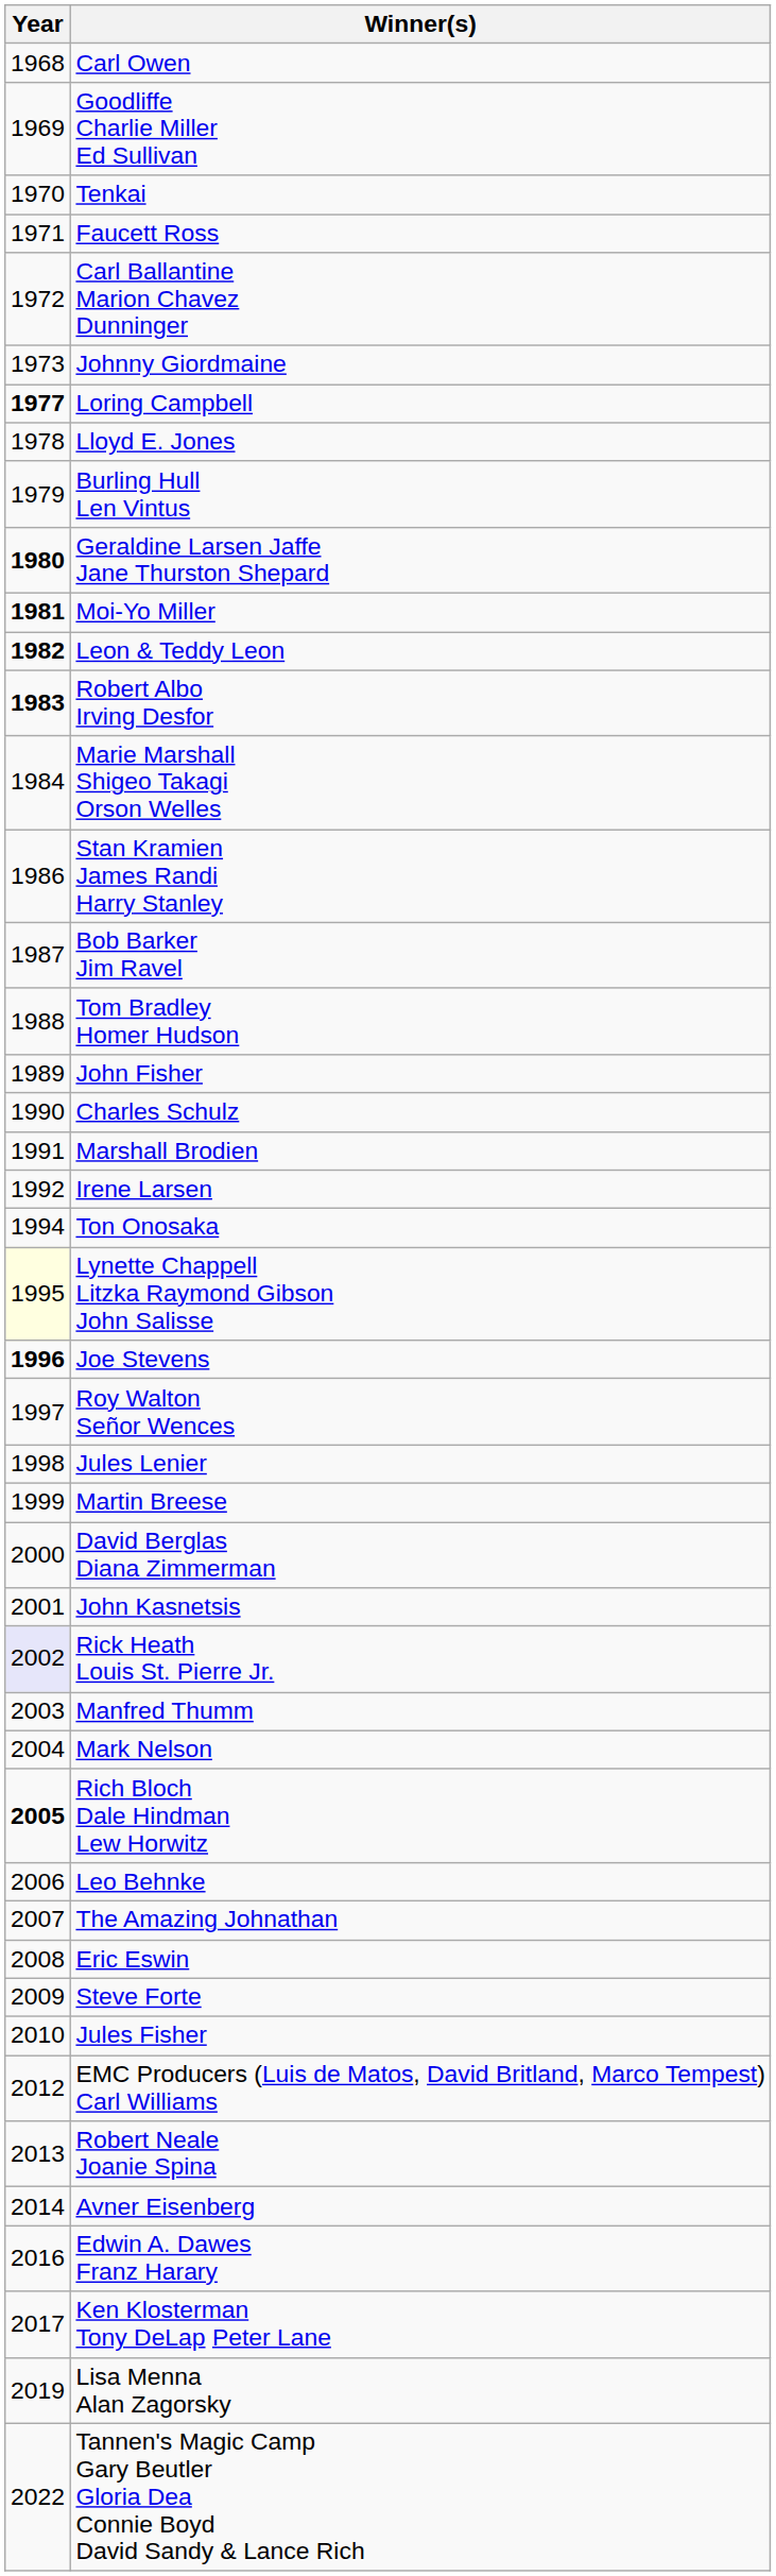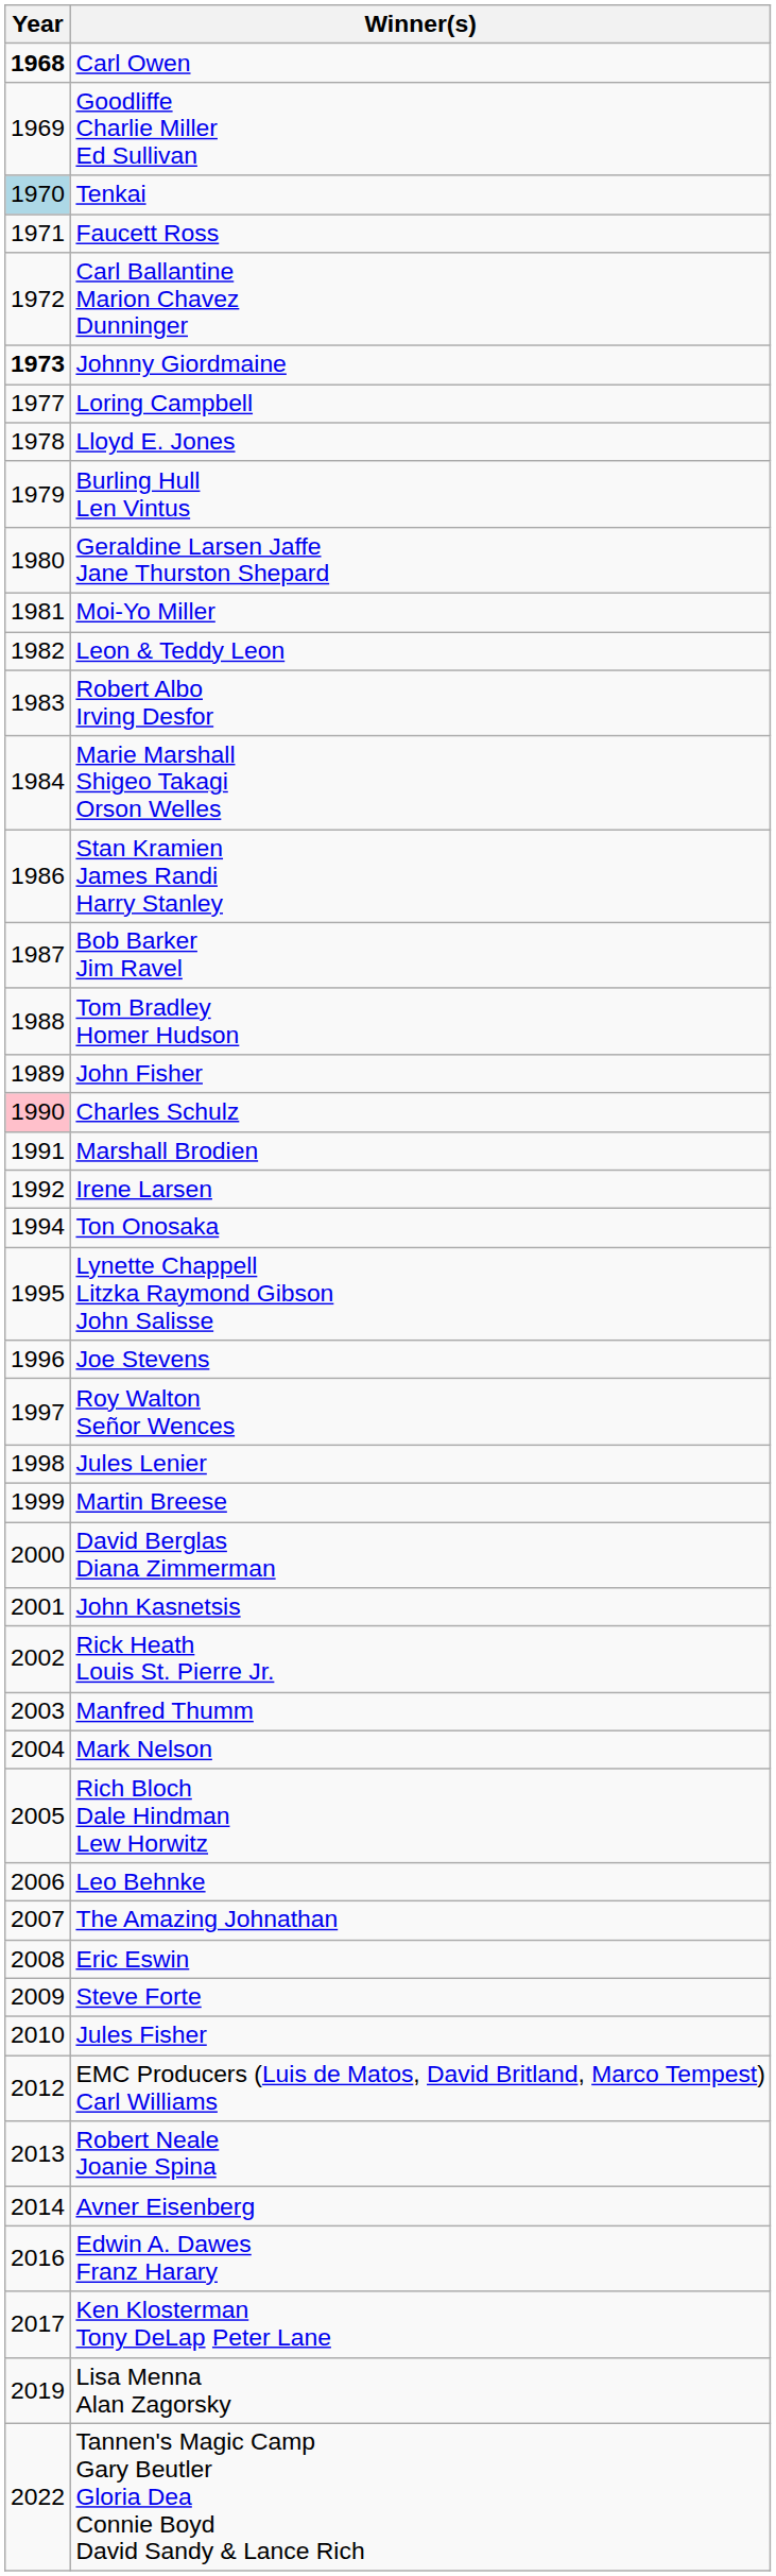 <table class="wikitable sortable">
 <tr>
 <th>Year</th>
 <th>Winner(s)</th>
 </tr>
 <tr>
-<td>1968</td>
+<td><strong>1968</strong></td>
 <td><a href='#'>Carl Owen</a></td>
 </tr>
 <tr>
 <td>1969</td>
 <td><a href='#'>Goodliffe</a><br><a href='#'>Charlie Miller</a><br><a href='#'>Ed Sullivan</a></td>
 </tr>
 <tr>
-<td>1970</td>
+<td style="background: lightblue;">1970</td>
 <td><a href='#'>Tenkai</a></td>
 </tr>
 <tr>
 <td>1971</td>
 <td><a href='#'>Faucett Ross</a></td>
 </tr>
 <tr>
 <td>1972</td>
 <td><a href='#'>Carl Ballantine</a><br><a href='#'>Marion Chavez</a><br><a href='#'>Dunninger</a></td>
 </tr>
 <tr>
-<td>1973</td>
+<td><strong>1973</strong></td>
 <td><a href='#'>Johnny Giordmaine</a></td>
 </tr>
 <tr>
-<td><strong>1977</strong></td>
+<td>1977</td>
 <td><a href='#'>Loring Campbell</a></td>
 </tr>
 <tr>
 <td>1978</td>
 <td><a href='#'>Lloyd E. Jones</a></td>
 </tr>
 <tr>
 <td>1979</td>
 <td><a href='#'>Burling Hull</a><br><a href='#'>Len Vintus</a></td>
 </tr>
 <tr>
-<td><strong>1980</strong></td>
+<td>1980</td>
 <td><a href='#'>Geraldine Larsen Jaffe</a><br><a href='#'>Jane Thurston Shepard</a></td>
 </tr>
 <tr>
-<td><strong>1981</strong></td>
+<td>1981</td>
 <td><a href='#'>Moi-Yo Miller</a></td>
 </tr>
 <tr>
-<td><strong>1982</strong></td>
+<td>1982</td>
 <td><a href='#'>Leon & Teddy Leon</a></td>
 </tr>
 <tr>
-<td><strong>1983</strong></td>
+<td>1983</td>
 <td><a href='#'>Robert Albo</a><br><a href='#'>Irving Desfor</a></td>
 </tr>
 <tr>
 <td>1984</td>
 <td><a href='#'>Marie Marshall</a><br><a href='#'>Shigeo Takagi</a><br><a href='#'>Orson Welles</a></td>
 </tr>
 <tr>
 <td>1986</td>
 <td><a href='#'>Stan Kramien</a><br><a href='#'>James Randi</a><br><a href='#'>Harry Stanley</a></td>
 </tr>
 <tr>
 <td>1987</td>
 <td><a href='#'>Bob Barker</a><br><a href='#'>Jim Ravel</a></td>
 </tr>
 <tr>
 <td>1988</td>
 <td><a href='#'>Tom Bradley</a><br><a href='#'>Homer Hudson</a></td>
 </tr>
 <tr>
 <td>1989</td>
 <td><a href='#'>John Fisher</a></td>
 </tr>
 <tr>
-<td>1990</td>
+<td style="background: pink;">1990</td>
 <td><a href='#'>Charles Schulz</a></td>
 </tr>
 <tr>
 <td>1991</td>
 <td><a href='#'>Marshall Brodien</a></td>
 </tr>
 <tr>
 <td>1992</td>
 <td><a href='#'>Irene Larsen</a></td>
 </tr>
 <tr>
 <td>1994</td>
 <td><a href='#'>Ton Onosaka</a></td>
 </tr>
 <tr>
-<td style="background: lightyellow;">1995</td>
+<td>1995</td>
 <td><a href='#'>Lynette Chappell</a><br><a href='#'>Litzka Raymond Gibson</a><br><a href='#'>John Salisse</a></td>
 </tr>
 <tr>
-<td><strong>1996</strong></td>
+<td>1996</td>
 <td><a href='#'>Joe Stevens</a></td>
 </tr>
 <tr>
 <td>1997</td>
 <td><a href='#'>Roy Walton</a><br><a href='#'>Señor Wences</a></td>
 </tr>
 <tr>
 <td>1998</td>
 <td><a href='#'>Jules Lenier</a></td>
 </tr>
 <tr>
 <td>1999</td>
 <td><a href='#'>Martin Breese</a></td>
 </tr>
 <tr>
 <td>2000</td>
 <td><a href='#'>David Berglas</a><br><a href='#'>Diana Zimmerman</a></td>
 </tr>
 <tr>
 <td>2001</td>
 <td><a href='#'>John Kasnetsis</a></td>
 </tr>
 <tr>
-<td style="background: lavender;">2002</td>
+<td>2002</td>
 <td><a href='#'>Rick Heath</a><br><a href='#'>Louis St. Pierre Jr.</a></td>
 </tr>
 <tr>
 <td>2003</td>
 <td><a href='#'>Manfred Thumm</a></td>
 </tr>
 <tr>
 <td>2004</td>
 <td><a href='#'>Mark Nelson</a></td>
 </tr>
 <tr>
-<td><strong>2005</strong></td>
+<td>2005</td>
 <td><a href='#'>Rich Bloch</a><br><a href='#'>Dale Hindman</a><br><a href='#'>Lew Horwitz</a></td>
 </tr>
 <tr>
 <td>2006</td>
 <td><a href='#'>Leo Behnke</a></td>
 </tr>
 <tr>
 <td>2007</td>
 <td><a href='#'>The Amazing Johnathan</a></td>
 </tr>
 <tr>
 <td>2008</td>
 <td><a href='#'>Eric Eswin</a></td>
 </tr>
 <tr>
 <td>2009</td>
 <td><a href='#'>Steve Forte</a></td>
 </tr>
 <tr>
 <td>2010</td>
 <td><a href='#'>Jules Fisher</a></td>
 </tr>
 <tr>
 <td>2012</td>
 <td>EMC Producers (<a href='#'>Luis de Matos</a>, <a href='#'>David Britland</a>, <a href='#'>Marco Tempest</a>)<br><a href='#'>Carl Williams</a></td>
 </tr>
 <tr>
 <td>2013</td>
 <td><a href='#'>Robert Neale</a><br><a href='#'>Joanie Spina</a></td>
 </tr>
 <tr>
 <td>2014</td>
 <td><a href='#'>Avner Eisenberg</a></td>
 </tr>
 <tr>
 <td>2016</td>
 <td><a href='#'>Edwin A. Dawes</a><br><a href='#'>Franz Harary</a></td>
 </tr>
 <tr>
 <td>2017</td>
 <td><a href='#'>Ken Klosterman</a><br><a href='#'>Tony DeLap</a> <a href='#'>Peter Lane</a></td>
 </tr>
 <tr>
 <td>2019</td>
 <td>Lisa Menna<br>Alan Zagorsky</td>
 </tr>
 <tr>
 <td>2022</td>
 <td>Tannen's Magic Camp<br>Gary Beutler<br><a href='#'>Gloria Dea</a><br>Connie Boyd<br>David Sandy & Lance Rich</td>
 </tr>
 </table>
